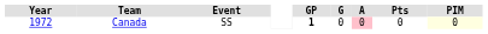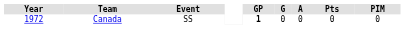 <table border="0" cellpadding="1" cellspacing="0" style="text-align:center; width:50em">
 <tr ALIGN="center" bgcolor="#e0e0e0">
 <th>Year</th>
 <th>Team</th>
 <th>Event</th>
 <th rowspan="99" bgcolor="#ffffff"> </th>
 <th>GP</th>
 <th>G</th>
 <th>A</th>
 <th>Pts</th>
 <th>PIM</th>
 </tr>
 <tr>
 <td><a href='#'>1972</a></td>
 <td><a href='#'>Canada</a></td>
 <td>SS</td>
 <td><strong>1</strong></td>
 <td>0</td>
-<td style="background: pink;">0</td>
 <td>0</td>
-<td style="background: lightyellow;">0</td>
+<td>0</td>
+<td>0</td>
 </tr>
 </table>
